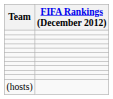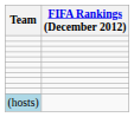 <table class="wikitable sortable" style="text-align: left;">
 <tr>
 <th>Team</th>
 <th><a href='#'>FIFA Rankings</a><br>(December 2012)</th>
 </tr>
 <tr>
 <td></td>
 <td></td>
 </tr>
 <tr>
 <td></td>
 <td></td>
 </tr>
 <tr>
 <td></td>
 <td></td>
 </tr>
 <tr>
 <td></td>
 <td></td>
 </tr>
 <tr>
 <td></td>
 <td></td>
 </tr>
 <tr>
 <td></td>
 <td></td>
 </tr>
 <tr>
 <td></td>
 <td></td>
 </tr>
 <tr>
 <td></td>
 <td></td>
 </tr>
 <tr>
 <td></td>
 <td></td>
 </tr>
 <tr>
 <td></td>
 <td></td>
 </tr>
 <tr>
 <td></td>
 <td></td>
 </tr>
 <tr>
-<td> (hosts)</td>
+<td style="background: lightblue;"> (hosts)</td>
 <td></td>
 </tr>
 </table>
